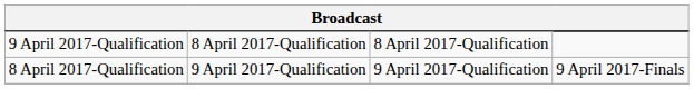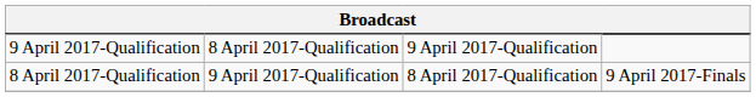 <table class=wikitable style="text-align:center;">
 <tr>
 <th colspan=4>Broadcast</th>
 </tr>
 <tr style="border-top: 2px solid #333333;">
 </tr>
 <tr>
 <td>9 April 2017-Qualification </td>
 <td>8 April 2017-Qualification </td>
-<td>8 April 2017-Qualification </td>
+<td>9 April 2017-Qualification </td>
 </tr>
 <tr>
 <td>8 April 2017-Qualification </td>
 <td>9 April 2017-Qualification </td>
-<td>9 April 2017-Qualification </td>
+<td>8 April 2017-Qualification </td>
 <td>9 April 2017-Finals </td>
 </tr>
 <tr>
 </tr>
 </table>
